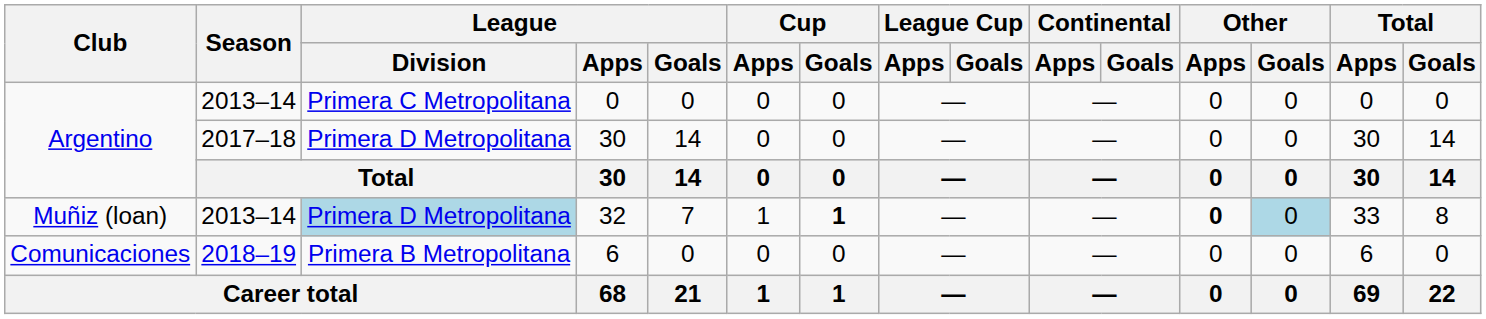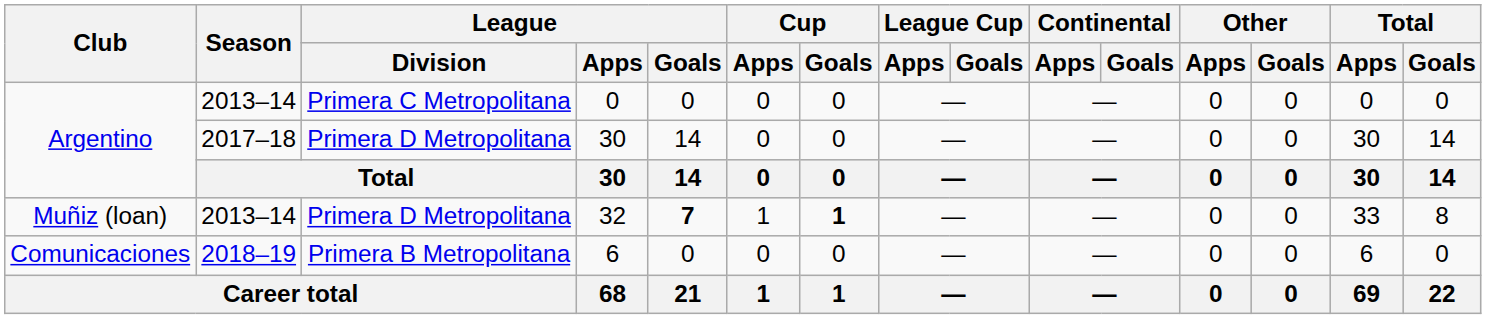 <table class="wikitable" style="text-align:center">
 <tr>
 <th rowspan="2">Club</th>
 <th rowspan="2">Season</th>
 <th colspan="3">League</th>
 <th colspan="2">Cup</th>
 <th colspan="2">League Cup</th>
 <th colspan="2">Continental</th>
 <th colspan="2">Other</th>
 <th colspan="2">Total</th>
 </tr>
 <tr>
 <th>Division</th>
 <th>Apps</th>
 <th>Goals</th>
 <th>Apps</th>
 <th>Goals</th>
 <th>Apps</th>
 <th>Goals</th>
 <th>Apps</th>
 <th>Goals</th>
 <th>Apps</th>
 <th>Goals</th>
 <th>Apps</th>
 <th>Goals</th>
 </tr>
 <tr>
 <td rowspan="3"><a href='#'>Argentino</a></td>
 <td>2013–14</td>
 <td rowspan="1"><a href='#'>Primera C Metropolitana</a></td>
 <td>0</td>
 <td>0</td>
 <td>0</td>
 <td>0</td>
 <td colspan="2">—</td>
 <td colspan="2">—</td>
 <td>0</td>
 <td>0</td>
 <td>0</td>
 <td>0</td>
 </tr>
 <tr>
 <td>2017–18</td>
 <td rowspan="1"><a href='#'>Primera D Metropolitana</a></td>
 <td>30</td>
 <td>14</td>
 <td>0</td>
 <td>0</td>
 <td colspan="2">—</td>
 <td colspan="2">—</td>
 <td>0</td>
 <td>0</td>
 <td>30</td>
 <td>14</td>
 </tr>
 <tr>
 <th colspan="2">Total</th>
 <th>30</th>
 <th>14</th>
 <th>0</th>
 <th>0</th>
 <th colspan="2">—</th>
 <th colspan="2">—</th>
 <th>0</th>
 <th>0</th>
 <th>30</th>
 <th>14</th>
 </tr>
 <tr>
 <td rowspan="1"><a href='#'>Muñiz</a> (loan)</td>
 <td>2013–14</td>
-<td rowspan="1" style="background: lightblue;"><a href='#'>Primera D Metropolitana</a></td>
+<td rowspan="1"><a href='#'>Primera D Metropolitana</a></td>
 <td>32</td>
-<td>7</td>
+<td><strong>7</strong></td>
 <td>1</td>
 <td><strong>1</strong></td>
 <td colspan="2">—</td>
 <td colspan="2">—</td>
-<td><strong>0</strong></td>
-<td style="background: lightblue;">0</td>
+<td>0</td>
+<td>0</td>
 <td>33</td>
 <td>8</td>
 </tr>
 <tr>
 <td rowspan="1"><a href='#'>Comunicaciones</a></td>
 <td><a href='#'>2018–19</a></td>
 <td rowspan="1"><a href='#'>Primera B Metropolitana</a></td>
 <td>6</td>
 <td>0</td>
 <td>0</td>
 <td>0</td>
 <td colspan="2">—</td>
 <td colspan="2">—</td>
 <td>0</td>
 <td>0</td>
 <td>6</td>
 <td>0</td>
 </tr>
 <tr>
 <th colspan="3">Career total</th>
 <th>68</th>
 <th>21</th>
 <th>1</th>
 <th>1</th>
 <th colspan="2">—</th>
 <th colspan="2">—</th>
 <th>0</th>
 <th>0</th>
 <th>69</th>
 <th>22</th>
 </tr>
 </table>
